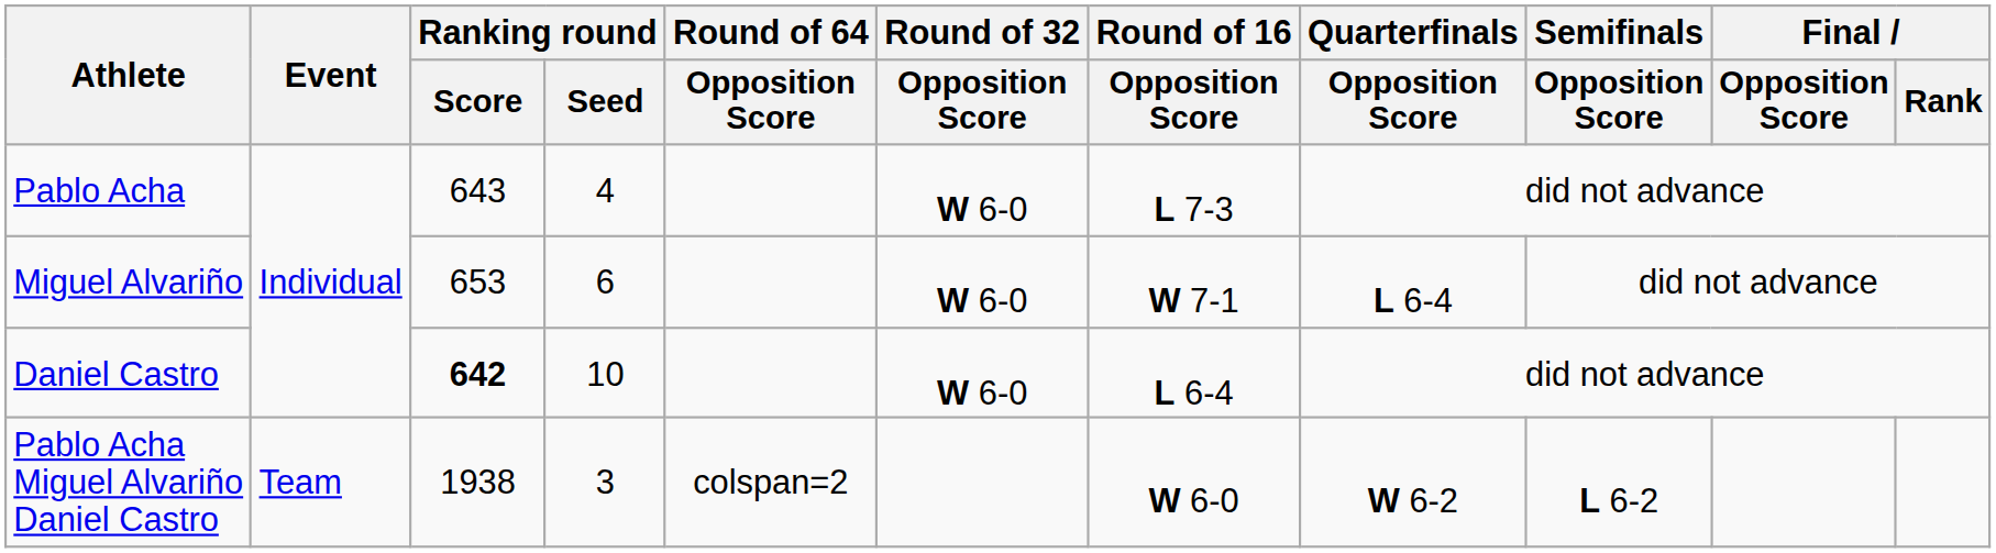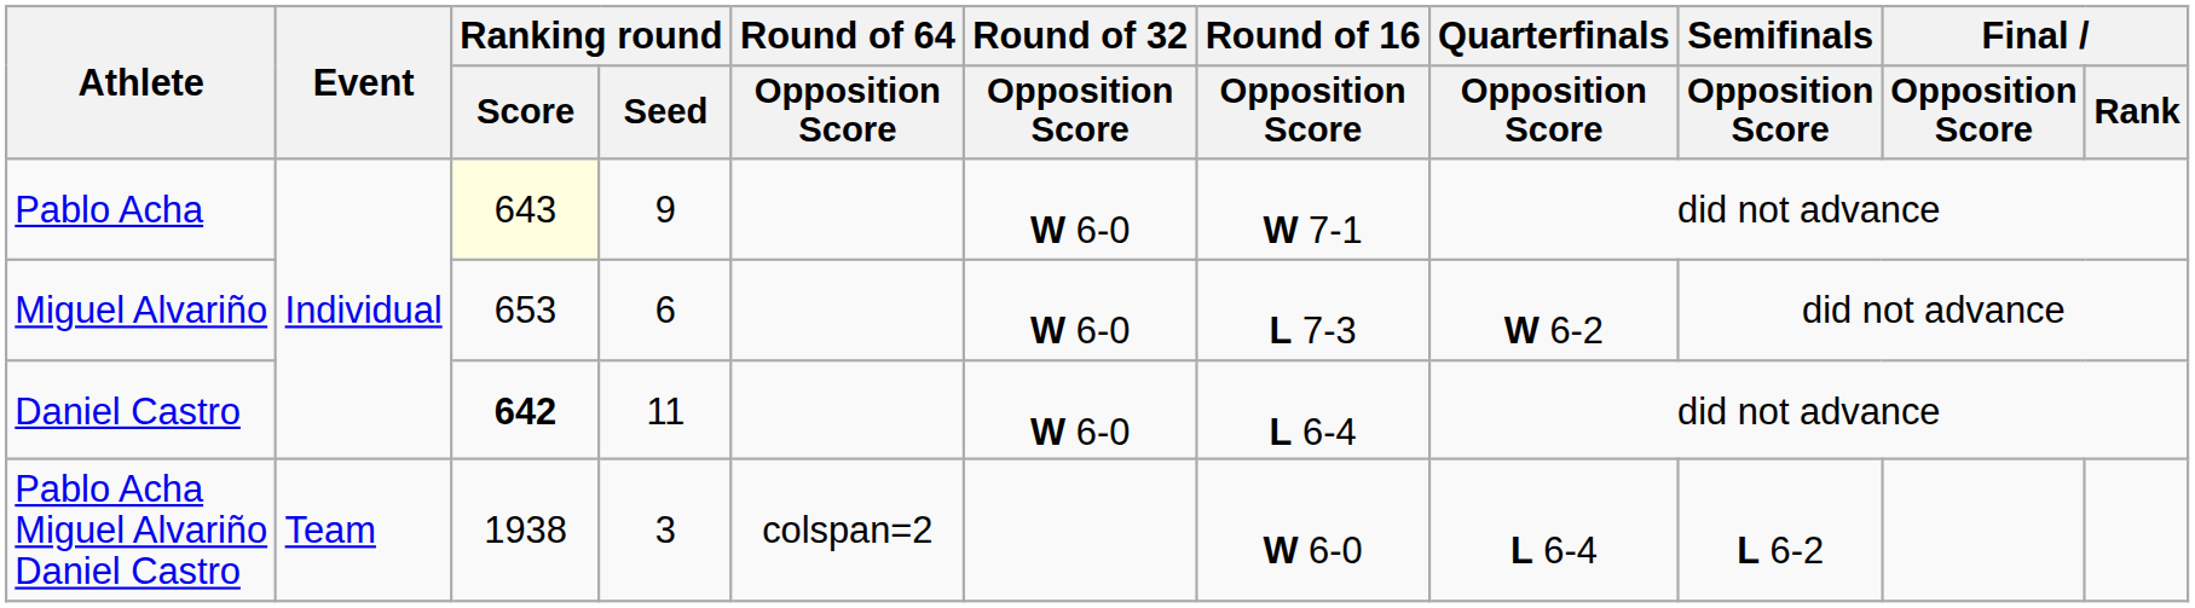 <table class="wikitable" style="font-size:90%">
 <tr>
 <th rowspan=2>Athlete</th>
 <th rowspan=2>Event</th>
 <th colspan=2>Ranking round</th>
 <th>Round of 64</th>
 <th>Round of 32</th>
 <th>Round of 16</th>
 <th>Quarterfinals</th>
 <th>Semifinals</th>
 <th colspan=2>Final / </th>
 </tr>
 <tr style="font-size:95%">
 <th>Score</th>
 <th>Seed</th>
 <th>Opposition<br>Score</th>
 <th>Opposition<br>Score</th>
 <th>Opposition<br>Score</th>
 <th>Opposition<br>Score</th>
 <th>Opposition<br>Score</th>
 <th>Opposition<br>Score</th>
 <th>Rank</th>
 </tr>
 <tr align=center>
 <td align=left><a href='#'>Pablo Acha</a></td>
 <td align=left rowspan=3><a href='#'>Individual</a></td>
-<td>643</td>
-<td>4</td>
+<td style="background: lightyellow;">643</td>
+<td>9</td>
 <td></td>
 <td><br><strong>W</strong> 6-0</td>
-<td><br><strong>L</strong> 7-3</td>
+<td><br><strong>W</strong> 7-1</td>
 <td colspan=4>did not advance</td>
 </tr>
 <tr align=center>
 <td align=left><a href='#'>Miguel Alvariño</a></td>
 <td>653</td>
 <td>6</td>
 <td></td>
 <td><br><strong>W</strong> 6-0</td>
-<td><br><strong>W</strong> 7-1</td>
-<td><br><strong>L</strong> 6-4</td>
+<td><br><strong>L</strong> 7-3</td>
+<td><br><strong>W</strong> 6-2</td>
 <td colspan=4>did not advance</td>
 </tr>
 <tr align=center>
 <td align=left><a href='#'>Daniel Castro</a></td>
 <td><strong>642</strong></td>
-<td>10</td>
+<td>11</td>
 <td></td>
 <td><br><strong>W</strong> 6-0</td>
 <td><br><strong>L</strong> 6-4</td>
 <td colspan=5>did not advance</td>
 </tr>
 <tr align=center>
 <td align=left><a href='#'>Pablo Acha</a><br><a href='#'>Miguel Alvariño</a><br><a href='#'>Daniel Castro</a></td>
 <td align=left><a href='#'>Team</a></td>
 <td>1938</td>
 <td>3</td>
 <td>colspan=2 </td>
 <td></td>
 <td><br><strong>W</strong> 6-0</td>
-<td><br><strong>W</strong> 6-2</td>
+<td><br><strong>L</strong> 6-4</td>
 <td><br><strong>L</strong> 6-2</td>
 <td></td>
 </tr>
 </table>
